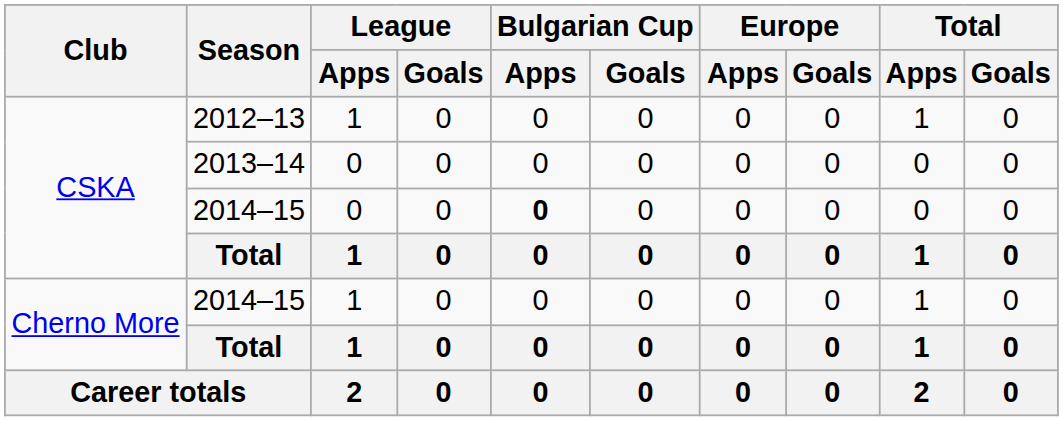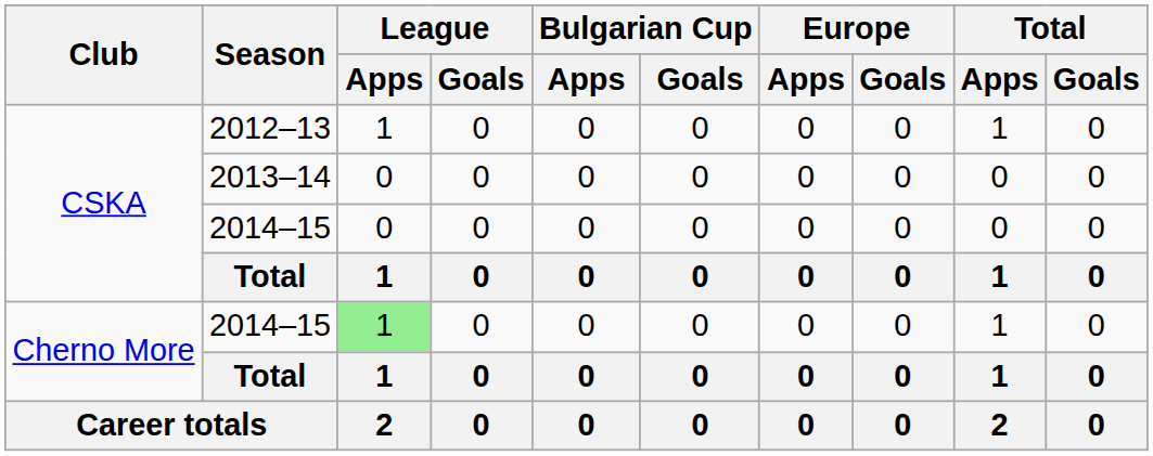 <table class="wikitable" style="text-align:center;">
 <tr>
 <th rowspan="2">Club</th>
 <th rowspan="2">Season</th>
 <th colspan="2">League</th>
 <th colspan="2">Bulgarian Cup</th>
 <th colspan="2">Europe</th>
 <th colspan="2">Total</th>
 </tr>
 <tr>
 <th>Apps</th>
 <th>Goals</th>
 <th>Apps</th>
 <th>Goals</th>
 <th>Apps</th>
 <th>Goals</th>
 <th>Apps</th>
 <th>Goals</th>
 </tr>
 <tr>
 <td rowspan="4" valign="center"><a href='#'>CSKA</a></td>
 <td>2012–13</td>
 <td>1</td>
 <td>0</td>
 <td>0</td>
 <td>0</td>
 <td>0</td>
 <td>0</td>
 <td>1</td>
 <td>0</td>
 </tr>
 <tr>
 <td>2013–14</td>
 <td>0</td>
 <td>0</td>
 <td>0</td>
 <td>0</td>
 <td>0</td>
 <td>0</td>
 <td>0</td>
 <td>0</td>
 </tr>
 <tr>
 <td>2014–15</td>
 <td>0</td>
 <td>0</td>
-<td><strong>0</strong></td>
+<td>0</td>
 <td>0</td>
 <td>0</td>
 <td>0</td>
 <td>0</td>
 <td>0</td>
 </tr>
 <tr>
 <th colspan="1">Total</th>
 <th>1</th>
 <th>0</th>
 <th>0</th>
 <th>0</th>
 <th>0</th>
 <th>0</th>
 <th>1</th>
 <th>0</th>
 </tr>
 <tr>
 <td rowspan="2" valign="center"><a href='#'>Cherno More</a></td>
 <td>2014–15</td>
-<td>1</td>
+<td style="background: lightgreen;">1</td>
 <td>0</td>
 <td>0</td>
 <td>0</td>
 <td>0</td>
 <td>0</td>
 <td>1</td>
 <td>0</td>
 </tr>
 <tr>
 <th colspan="1">Total</th>
 <th>1</th>
 <th>0</th>
 <th>0</th>
 <th>0</th>
 <th>0</th>
 <th>0</th>
 <th>1</th>
 <th>0</th>
 </tr>
 <tr>
 <th colspan="2">Career totals</th>
 <th>2</th>
 <th>0</th>
 <th>0</th>
 <th>0</th>
 <th>0</th>
 <th>0</th>
 <th>2</th>
 <th>0</th>
 </tr>
 </table>
